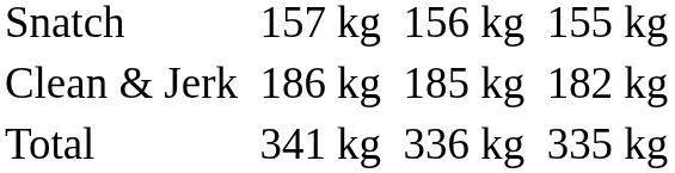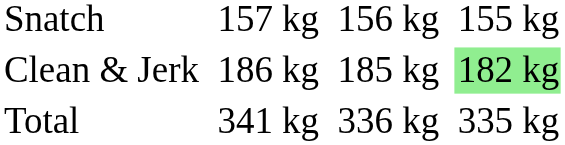 <table>
 <tr>
 <td>Snatch</td>
 <td></td>
 <td>157 kg</td>
 <td></td>
 <td>156 kg</td>
 <td></td>
 <td>155 kg</td>
 </tr>
 <tr>
 <td>Clean & Jerk</td>
 <td></td>
 <td>186 kg</td>
 <td></td>
 <td>185 kg</td>
 <td></td>
-<td>182 kg</td>
+<td style="background: lightgreen;">182 kg</td>
 </tr>
 <tr>
 <td>Total</td>
 <td></td>
 <td>341 kg</td>
 <td></td>
 <td>336 kg</td>
 <td></td>
 <td>335 kg</td>
 </tr>
 </table>
